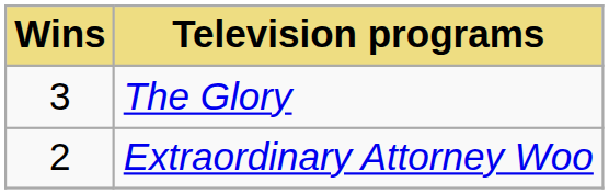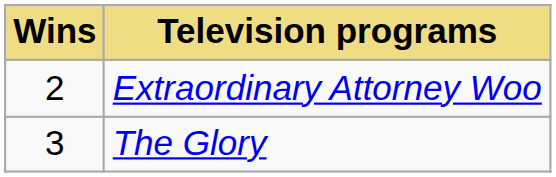 <table class="wikitable" align="center">
 <tr>
 <th style="background:#EEDD82; text-align:center">Wins</th>
 <th style="background:#EEDD82; text-align:center">Television programs</th>
 </tr>
 <tr>
+<td style="text-align:center">2</td>
+<td><em><a href='#'>Extraordinary Attorney Woo</a></em></td>
+</tr>
+<tr>
 <td style="text-align:center">3</td>
 <td><em><a href='#'>The Glory</a></em></td>
 </tr>
-<tr>
-<td style="text-align:center">2</td>
-<td><em><a href='#'>Extraordinary Attorney Woo</a></em></td>
-</tr>
 </table>
